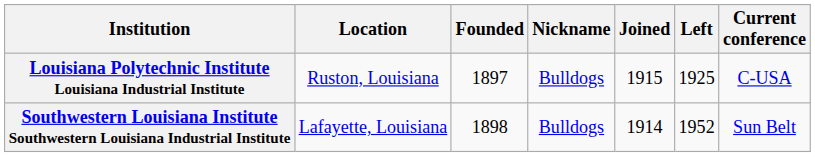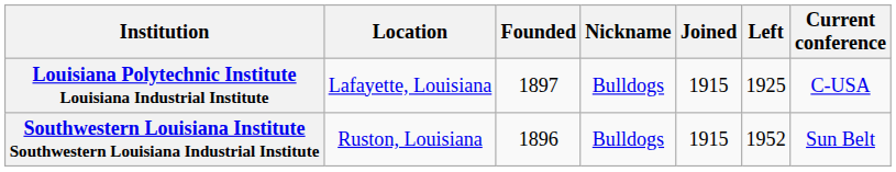 <table class="wikitable sortable" style="text-align:center">
 <tr>
 <th>Institution</th>
 <th>Location</th>
 <th>Founded</th>
 <th>Nickname</th>
 <th>Joined</th>
 <th>Left</th>
 <th>Current<br>conference</th>
 </tr>
 <tr>
 <th><a href='#'>Louisiana Polytechnic Institute</a> <br> <small>Louisiana Industrial Institute</small></th>
-<td><a href='#'>Ruston, Louisiana</a></td>
+<td><a href='#'>Lafayette, Louisiana</a></td>
 <td>1897</td>
 <td><a href='#'>Bulldogs</a></td>
 <td>1915</td>
 <td>1925</td>
 <td><a href='#'>C-USA</a></td>
 </tr>
 <tr>
 <th><a href='#'>Southwestern Louisiana Institute</a> <br> <small>Southwestern Louisiana Industrial Institute</small></th>
-<td><a href='#'>Lafayette, Louisiana</a></td>
-<td>1898</td>
+<td><a href='#'>Ruston, Louisiana</a></td>
+<td>1896</td>
 <td><a href='#'>Bulldogs</a></td>
-<td>1914</td>
+<td>1915</td>
 <td>1952</td>
 <td><a href='#'>Sun Belt</a></td>
 </tr>
 </table>
